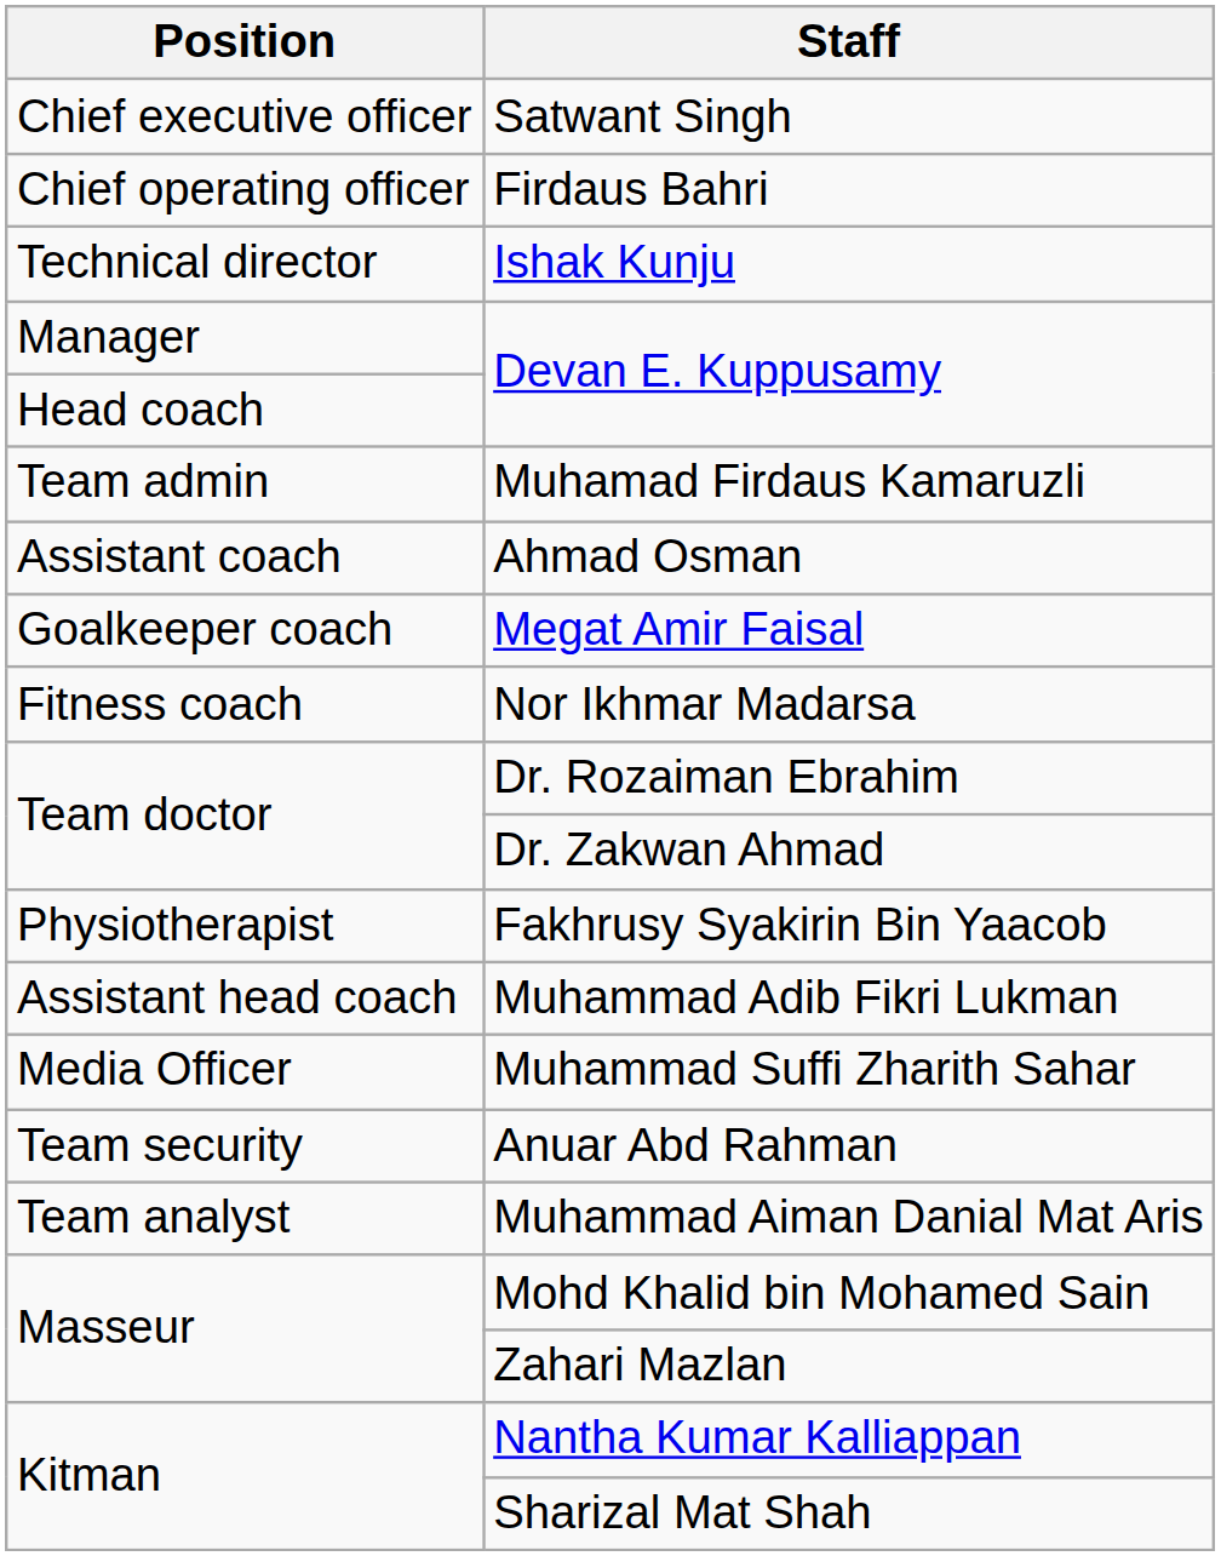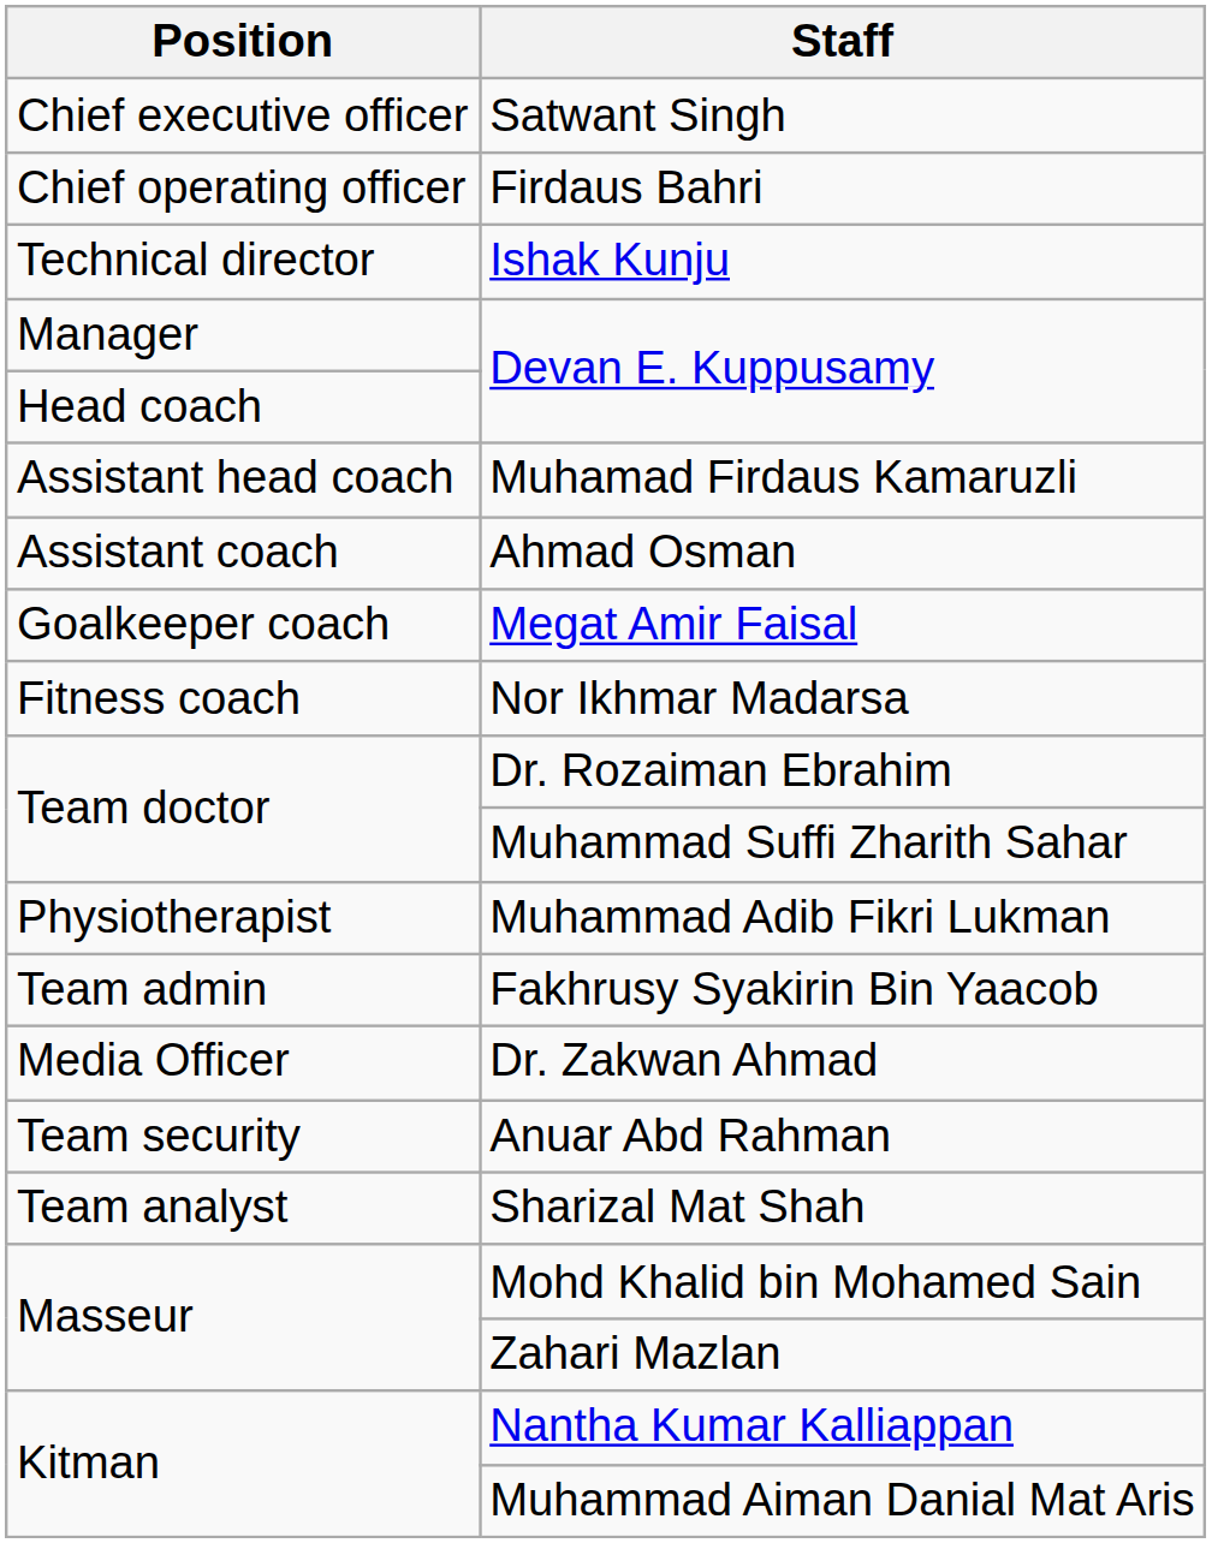 <table class="wikitable">
 <tr>
 <th>Position</th>
 <th>Staff</th>
 </tr>
 <tr>
 <td>Chief executive officer</td>
 <td> Satwant Singh</td>
 </tr>
 <tr>
 <td>Chief operating officer</td>
 <td> Firdaus Bahri</td>
 </tr>
 <tr>
 <td>Technical director</td>
 <td> <a href='#'>Ishak Kunju</a></td>
 </tr>
 <tr>
 <td>Manager</td>
 <td rowspan="2"> <a href='#'>Devan E. Kuppusamy</a></td>
 </tr>
 <tr>
 <td>Head coach</td>
 </tr>
 <tr>
-<td>Team admin</td>
+<td>Assistant head coach</td>
 <td> Muhamad Firdaus Kamaruzli</td>
 </tr>
 <tr>
 <td>Assistant coach</td>
 <td> Ahmad Osman</td>
 </tr>
 <tr>
 <td>Goalkeeper coach</td>
 <td> <a href='#'>Megat Amir Faisal</a></td>
 </tr>
 <tr>
 <td>Fitness coach</td>
 <td> Nor Ikhmar Madarsa</td>
 </tr>
 <tr>
 <td rowspan="2">Team doctor</td>
 <td> Dr. Rozaiman Ebrahim</td>
 </tr>
 <tr>
-<td> Dr. Zakwan Ahmad</td>
+<td> Muhammad Suffi Zharith Sahar</td>
 </tr>
 <tr>
 <td>Physiotherapist</td>
+<td> Muhammad Adib Fikri Lukman</td>
+</tr>
+<tr>
+<td>Team admin</td>
 <td> Fakhrusy Syakirin Bin Yaacob</td>
 </tr>
 <tr>
-<td>Assistant head coach</td>
-<td> Muhammad Adib Fikri Lukman</td>
-</tr>
-<tr>
 <td>Media Officer</td>
-<td> Muhammad Suffi Zharith Sahar</td>
+<td> Dr. Zakwan Ahmad</td>
 </tr>
 <tr>
 <td>Team security</td>
 <td> Anuar Abd Rahman</td>
 </tr>
 <tr>
 <td>Team analyst</td>
-<td> Muhammad Aiman Danial Mat Aris</td>
+<td> Sharizal Mat Shah</td>
 </tr>
 <tr>
 <td rowspan="2">Masseur</td>
 <td> Mohd Khalid bin Mohamed Sain</td>
 </tr>
 <tr>
 <td> Zahari Mazlan</td>
 </tr>
 <tr>
 <td rowspan="2">Kitman</td>
 <td> <a href='#'>Nantha Kumar Kalliappan</a></td>
 </tr>
 <tr>
-<td> Sharizal Mat Shah</td>
+<td> Muhammad Aiman Danial Mat Aris</td>
 </tr>
 </table>
